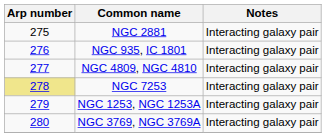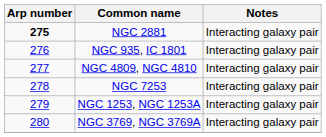 <table class="wikitable" style="text-align:center;">
 <tr>
 <th>Arp number</th>
 <th>Common name</th>
 <th>Notes</th>
 </tr>
 <tr>
-<td>275</td>
+<td><strong>275</strong></td>
 <td><a href='#'>NGC 2881</a></td>
 <td>Interacting galaxy pair</td>
 </tr>
 <tr>
 <td><a href='#'>276</a></td>
 <td><a href='#'>NGC 935</a>, <a href='#'>IC 1801</a></td>
 <td>Interacting galaxy pair</td>
 </tr>
 <tr>
 <td><a href='#'>277</a></td>
 <td><a href='#'>NGC 4809</a>, <a href='#'>NGC 4810</a></td>
 <td>Interacting galaxy pair</td>
 </tr>
 <tr>
-<td style="background: khaki;"><a href='#'>278</a></td>
+<td><a href='#'>278</a></td>
 <td><a href='#'>NGC 7253</a></td>
 <td>Interacting galaxy pair</td>
 </tr>
 <tr>
 <td><a href='#'>279</a></td>
 <td><a href='#'>NGC 1253</a>, <a href='#'>NGC 1253A</a></td>
 <td>Interacting galaxy pair</td>
 </tr>
 <tr>
 <td><a href='#'>280</a></td>
 <td><a href='#'>NGC 3769</a>, <a href='#'>NGC 3769A</a></td>
 <td>Interacting galaxy pair</td>
 </tr>
 <tr>
 </tr>
 </table>
